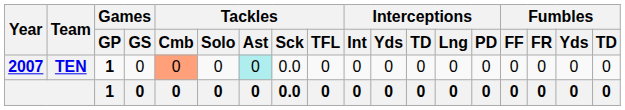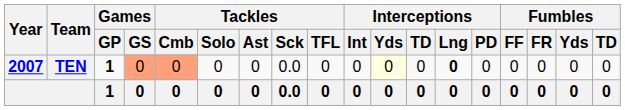 <table class="wikitable" style="text-align:center">
 <tr>
 <th rowspan="2">Year</th>
 <th rowspan="2">Team</th>
 <th colspan="2">Games</th>
 <th colspan="5">Tackles</th>
 <th colspan="5">Interceptions</th>
 <th colspan="4">Fumbles</th>
 </tr>
 <tr>
 <th>GP</th>
 <th>GS</th>
 <th>Cmb</th>
 <th>Solo</th>
 <th>Ast</th>
 <th>Sck</th>
 <th>TFL</th>
 <th>Int</th>
 <th>Yds</th>
 <th>TD</th>
 <th>Lng</th>
 <th>PD</th>
 <th>FF</th>
 <th>FR</th>
 <th>Yds</th>
 <th>TD</th>
 </tr>
 <tr>
 <th><a href='#'>2007</a></th>
 <th><a href='#'>TEN</a></th>
 <td><strong>1</strong></td>
-<td>0</td>
+<td style="background: lightsalmon;">0</td>
 <td style="background: lightsalmon;">0</td>
 <td>0</td>
-<td style="background: paleturquoise;">0</td>
+<td>0</td>
 <td>0.0</td>
 <td>0</td>
 <td>0</td>
+<td style="background: lightyellow;">0</td>
 <td>0</td>
-<td>0</td>
-<td>0</td>
+<td><strong>0</strong></td>
 <td>0</td>
 <td>0</td>
 <td>0</td>
 <td>0</td>
 <td>0</td>
 </tr>
 <tr>
 <th colspan="2"></th>
 <th>1</th>
 <th>0</th>
 <th>0</th>
 <th>0</th>
 <th>0</th>
 <th>0.0</th>
 <th>0</th>
 <th>0</th>
 <th>0</th>
 <th>0</th>
 <th>0</th>
 <th>0</th>
 <th>0</th>
 <th>0</th>
 <th>0</th>
 <th>0</th>
 </tr>
 </table>
